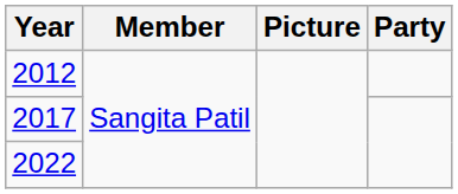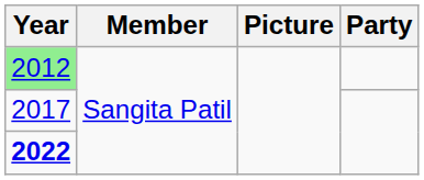 <table class="wikitable sortable">
 <tr>
 <th>Year</th>
 <th>Member</th>
 <th>Picture</th>
 <th colspan="2">Party</th>
 </tr>
 <tr>
-<td><a href='#'>2012</a></td>
+<td style="background: lightgreen;"><a href='#'>2012</a></td>
 <td rowspan=3><a href='#'>Sangita Patil</a></td>
 <td rowspan=3></td>
 <td></td>
 </tr>
 <tr>
 <td><a href='#'>2017</a></td>
 </tr>
 <tr>
-<td><a href='#'>2022</a></td>
+<td><strong><a href='#'>2022</a></strong></td>
 </tr>
 </table>
